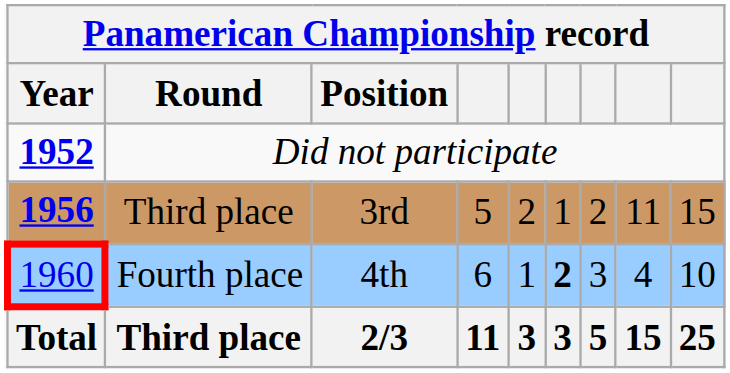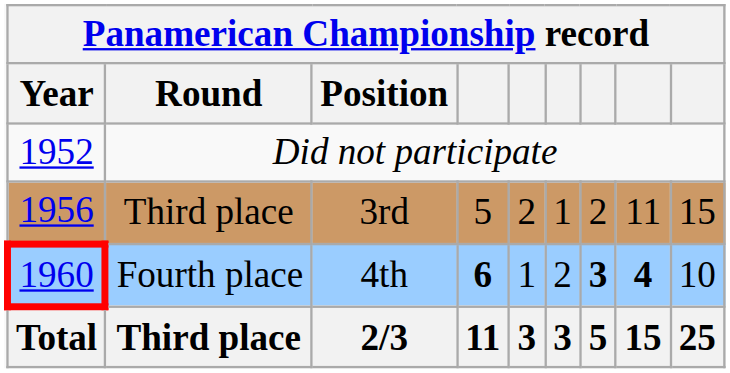 <table class="wikitable" style="text-align:center">
 <tr>
 <th colspan=9><a href='#'>Panamerican Championship</a> record</th>
 </tr>
 <tr>
 <th>Year</th>
 <th>Round</th>
 <th>Position</th>
 <th></th>
 <th></th>
 <th></th>
 <th></th>
 <th></th>
 <th></th>
 </tr>
 <tr>
-<td><strong> <a href='#'>1952</a></strong></td>
+<td> <a href='#'>1952</a></td>
 <td colspan=8><em>Did not participate</em></td>
 </tr>
 <tr style="background:#c96;">
-<td><strong> <a href='#'>1956</a></strong></td>
+<td> <a href='#'>1956</a></td>
 <td>Third place</td>
 <td>3rd</td>
 <td>5</td>
 <td>2</td>
 <td>1</td>
 <td>2</td>
 <td>11</td>
 <td>15</td>
 </tr>
 <tr style="background:#9acdff;">
 <td style="border: 3px solid red"> <a href='#'>1960</a></td>
 <td>Fourth place</td>
 <td>4th</td>
-<td>6</td>
+<td><strong>6</strong></td>
 <td>1</td>
-<td><strong>2</strong></td>
-<td>3</td>
-<td>4</td>
+<td>2</td>
+<td><strong>3</strong></td>
+<td><strong>4</strong></td>
 <td>10</td>
 </tr>
 <tr>
 <th>Total</th>
 <th>Third place</th>
 <th>2/3</th>
 <th>11</th>
 <th>3</th>
 <th>3</th>
 <th>5</th>
 <th>15</th>
 <th>25</th>
 </tr>
 </table>
